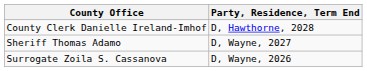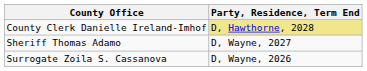 <table class="wikitable sortable">
 <tr>
 <th>County Office</th>
 <th>Party, Residence, Term End</th>
 </tr>
 <tr>
 <td>County Clerk Danielle Ireland-Imhof</td>
-<td>D, <a href='#'>Hawthorne</a>, 2028</td>
+<td style="background: khaki;">D, <a href='#'>Hawthorne</a>, 2028</td>
 </tr>
 <tr>
 <td>Sheriff Thomas Adamo</td>
 <td>D, Wayne, 2027</td>
 </tr>
 <tr>
 <td>Surrogate Zoila S. Cassanova</td>
 <td>D, Wayne, 2026</td>
 </tr>
 </table>
